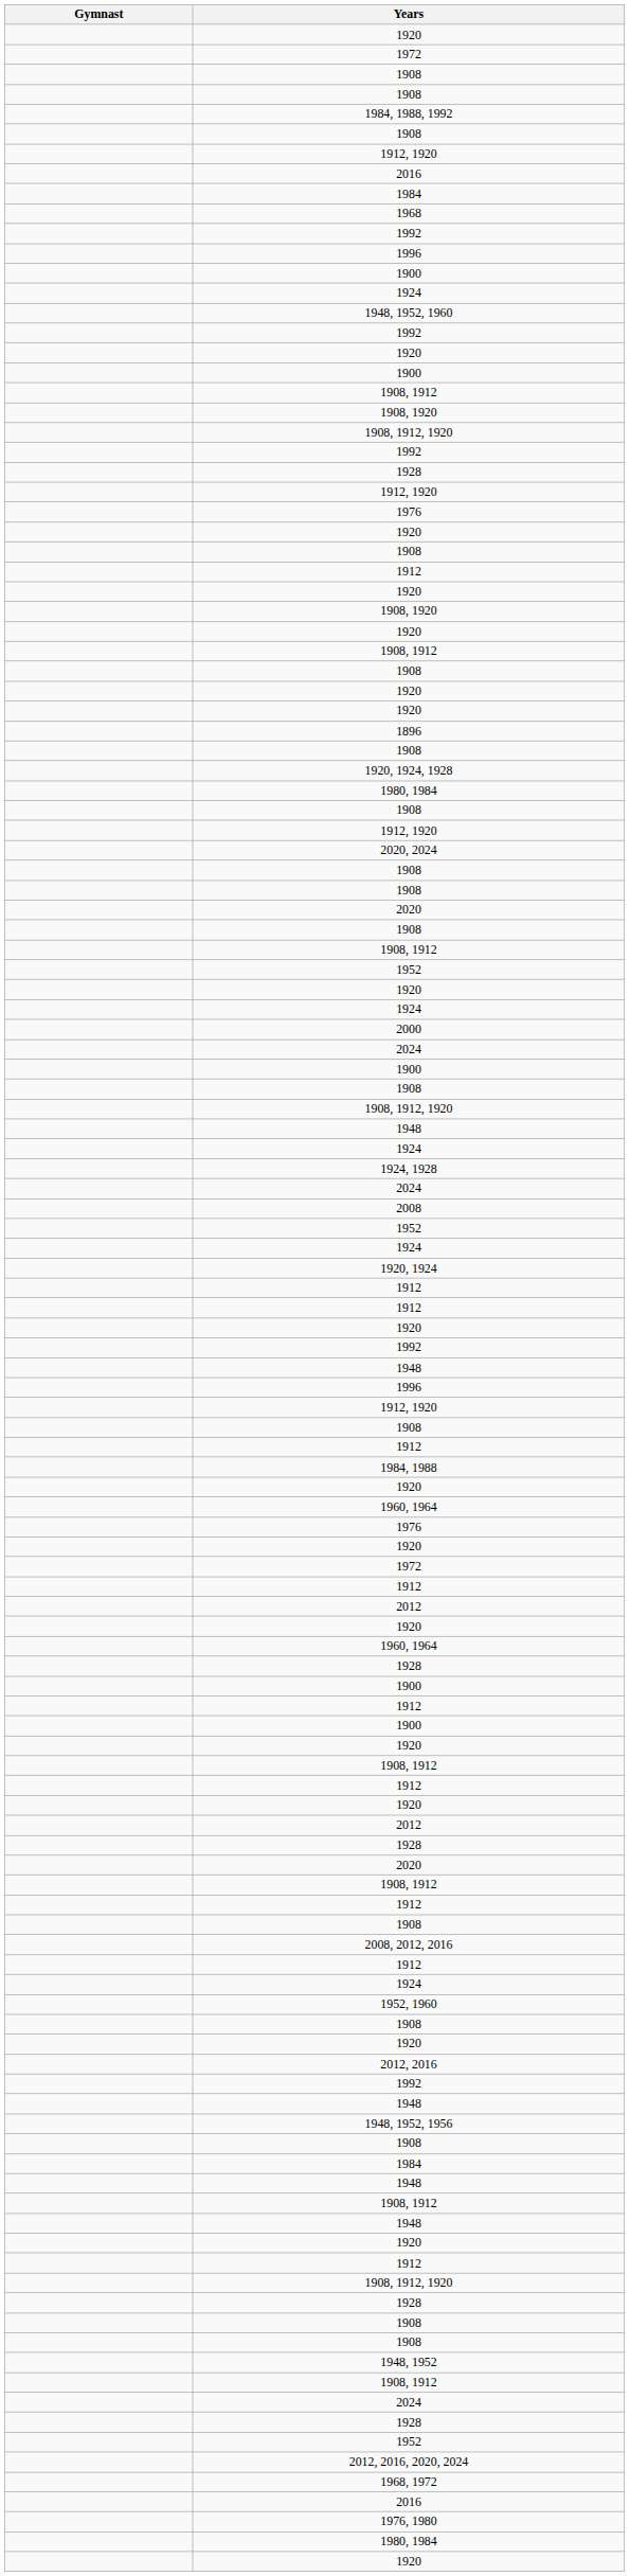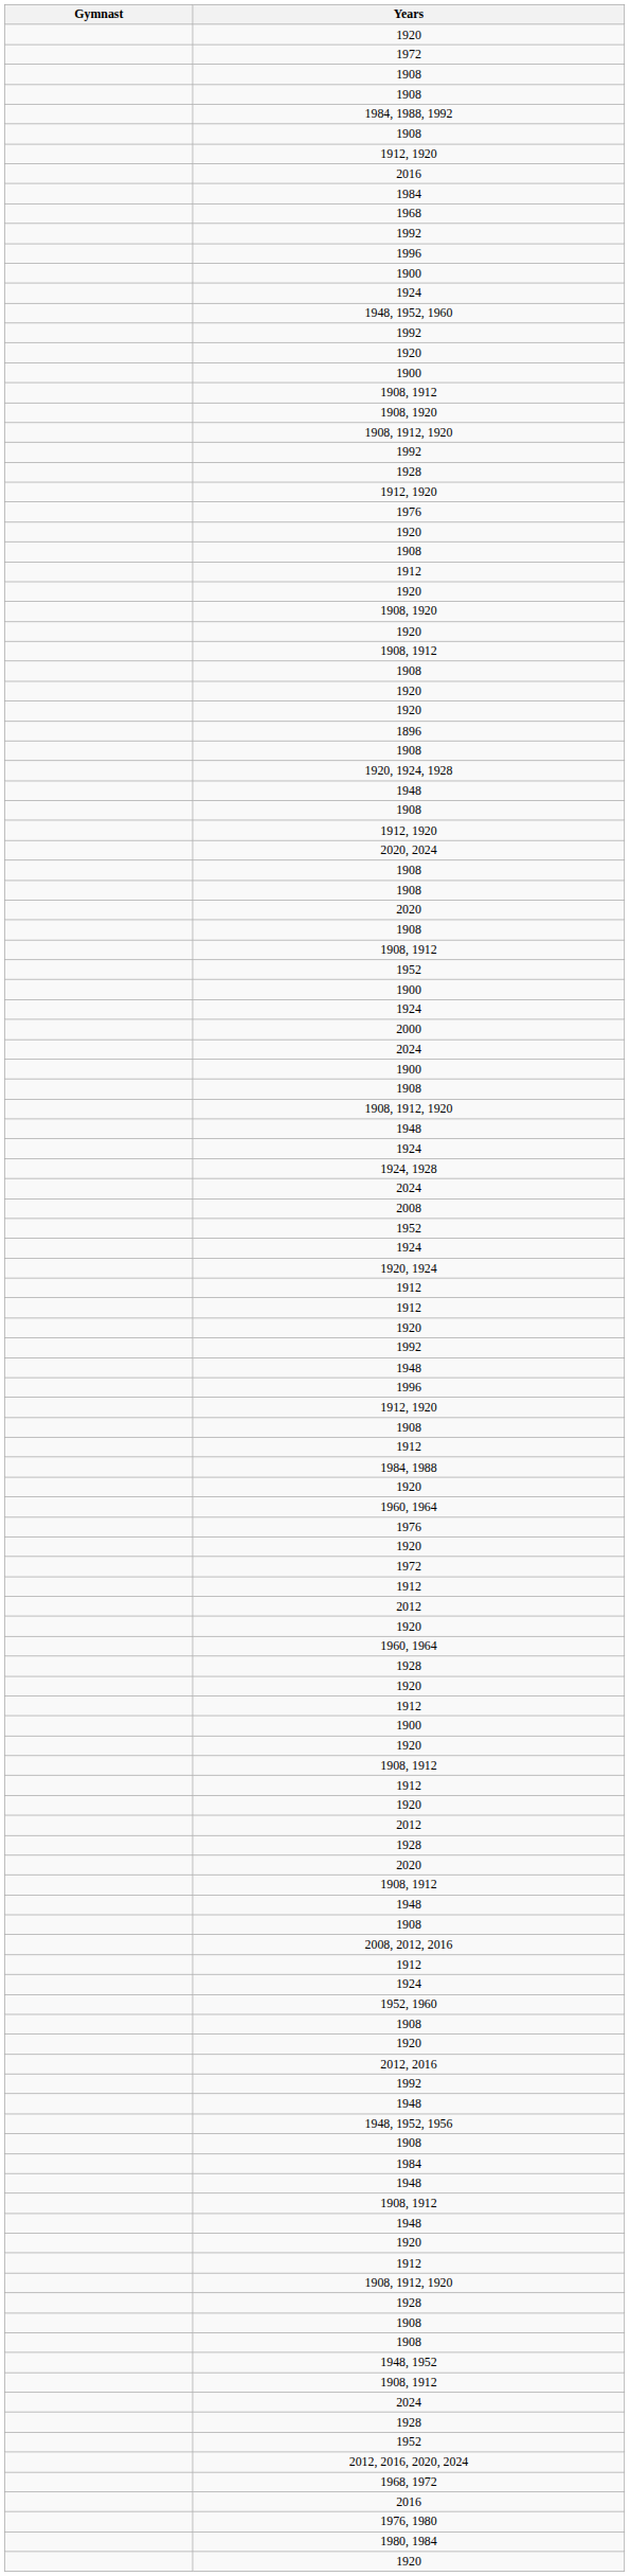 <table class="wikitable sortable" width=50% style="text-align:center;">
 <tr>
 <th>Gymnast</th>
 <th>Years</th>
 </tr>
 <tr>
 <td></td>
 <td>1920</td>
 </tr>
 <tr>
 <td></td>
 <td>1972</td>
 </tr>
 <tr>
 <td></td>
 <td>1908</td>
 </tr>
 <tr>
 <td></td>
 <td>1908</td>
 </tr>
 <tr>
 <td></td>
 <td>1984, 1988, 1992</td>
 </tr>
 <tr>
 <td></td>
 <td>1908</td>
 </tr>
 <tr>
 <td></td>
 <td>1912, 1920</td>
 </tr>
 <tr>
 <td></td>
 <td>2016</td>
 </tr>
 <tr>
 <td></td>
 <td>1984</td>
 </tr>
 <tr>
 <td></td>
 <td>1968</td>
 </tr>
 <tr>
 <td></td>
 <td>1992</td>
 </tr>
 <tr>
 <td></td>
 <td>1996</td>
 </tr>
 <tr>
 <td></td>
 <td>1900</td>
 </tr>
 <tr>
 <td></td>
 <td>1924</td>
 </tr>
 <tr>
 <td></td>
 <td>1948, 1952, 1960</td>
 </tr>
 <tr>
 <td></td>
 <td>1992</td>
 </tr>
 <tr>
 <td></td>
 <td>1920</td>
 </tr>
 <tr>
 <td></td>
 <td>1900</td>
 </tr>
 <tr>
 <td></td>
 <td>1908, 1912</td>
 </tr>
 <tr>
 <td></td>
 <td>1908, 1920</td>
 </tr>
 <tr>
 <td></td>
 <td>1908, 1912, 1920</td>
 </tr>
 <tr>
 <td></td>
 <td>1992</td>
 </tr>
 <tr>
 <td></td>
 <td>1928</td>
 </tr>
 <tr>
 <td></td>
 <td>1912, 1920</td>
 </tr>
 <tr>
 <td></td>
 <td>1976</td>
 </tr>
 <tr>
 <td></td>
 <td>1920</td>
 </tr>
 <tr>
 <td></td>
 <td>1908</td>
 </tr>
 <tr>
 <td></td>
 <td>1912</td>
 </tr>
 <tr>
 <td></td>
 <td>1920</td>
 </tr>
 <tr>
 <td></td>
 <td>1908, 1920</td>
 </tr>
 <tr>
 <td></td>
 <td>1920</td>
 </tr>
 <tr>
 <td></td>
 <td>1908, 1912</td>
 </tr>
 <tr>
 <td></td>
 <td>1908</td>
 </tr>
 <tr>
 <td></td>
 <td>1920</td>
 </tr>
 <tr>
 <td></td>
 <td>1920</td>
 </tr>
 <tr>
 <td></td>
 <td>1896</td>
 </tr>
 <tr>
 <td></td>
 <td>1908</td>
 </tr>
 <tr>
 <td></td>
 <td>1920, 1924, 1928</td>
 </tr>
 <tr>
 <td></td>
-<td>1980, 1984</td>
+<td>1948</td>
 </tr>
 <tr>
 <td></td>
 <td>1908</td>
 </tr>
 <tr>
 <td></td>
 <td>1912, 1920</td>
 </tr>
 <tr>
 <td></td>
 <td>2020, 2024</td>
 </tr>
 <tr>
 <td></td>
 <td>1908</td>
 </tr>
 <tr>
 <td></td>
 <td>1908</td>
 </tr>
 <tr>
 <td></td>
 <td>2020</td>
 </tr>
 <tr>
 <td></td>
 <td>1908</td>
 </tr>
 <tr>
 <td></td>
 <td>1908, 1912</td>
 </tr>
 <tr>
 <td></td>
 <td>1952</td>
 </tr>
 <tr>
 <td></td>
-<td>1920</td>
+<td>1900</td>
 </tr>
 <tr>
 <td></td>
 <td>1924</td>
 </tr>
 <tr>
 <td></td>
 <td>2000</td>
 </tr>
 <tr>
 <td></td>
 <td>2024</td>
 </tr>
 <tr>
 <td></td>
 <td>1900</td>
 </tr>
 <tr>
 <td></td>
 <td>1908</td>
 </tr>
 <tr>
 <td></td>
 <td>1908, 1912, 1920</td>
 </tr>
 <tr>
 <td></td>
 <td>1948</td>
 </tr>
 <tr>
 <td></td>
 <td>1924</td>
 </tr>
 <tr>
 <td></td>
 <td>1924, 1928</td>
 </tr>
 <tr>
 <td></td>
 <td>2024</td>
 </tr>
 <tr>
 <td></td>
 <td>2008</td>
 </tr>
 <tr>
 <td></td>
 <td>1952</td>
 </tr>
 <tr>
 <td></td>
 <td>1924</td>
 </tr>
 <tr>
 <td></td>
 <td>1920, 1924</td>
 </tr>
 <tr>
 <td></td>
 <td>1912</td>
 </tr>
 <tr>
 <td></td>
 <td>1912</td>
 </tr>
 <tr>
 <td></td>
 <td>1920</td>
 </tr>
 <tr>
 <td></td>
 <td>1992</td>
 </tr>
 <tr>
 <td></td>
 <td>1948</td>
 </tr>
 <tr>
 <td></td>
 <td>1996</td>
 </tr>
 <tr>
 <td></td>
 <td>1912, 1920</td>
 </tr>
 <tr>
 <td></td>
 <td>1908</td>
 </tr>
 <tr>
 <td></td>
 <td>1912</td>
 </tr>
 <tr>
 <td></td>
 <td>1984, 1988</td>
 </tr>
 <tr>
 <td></td>
 <td>1920</td>
 </tr>
 <tr>
 <td></td>
 <td>1960, 1964</td>
 </tr>
 <tr>
 <td></td>
 <td>1976</td>
 </tr>
 <tr>
 <td></td>
 <td>1920</td>
 </tr>
 <tr>
 <td></td>
 <td>1972</td>
 </tr>
 <tr>
 <td></td>
 <td>1912</td>
 </tr>
 <tr>
 <td></td>
 <td>2012</td>
 </tr>
 <tr>
 <td></td>
 <td>1920</td>
 </tr>
 <tr>
 <td></td>
 <td>1960, 1964</td>
 </tr>
 <tr>
 <td></td>
 <td>1928</td>
 </tr>
 <tr>
 <td></td>
-<td>1900</td>
+<td>1920</td>
 </tr>
 <tr>
 <td></td>
 <td>1912</td>
 </tr>
 <tr>
 <td></td>
 <td>1900</td>
 </tr>
 <tr>
 <td></td>
 <td>1920</td>
 </tr>
 <tr>
 <td></td>
 <td>1908, 1912</td>
 </tr>
 <tr>
 <td></td>
 <td>1912</td>
 </tr>
 <tr>
 <td></td>
 <td>1920</td>
 </tr>
 <tr>
 <td></td>
 <td>2012</td>
 </tr>
 <tr>
 <td></td>
 <td>1928</td>
 </tr>
 <tr>
 <td></td>
 <td>2020</td>
 </tr>
 <tr>
 <td></td>
 <td>1908, 1912</td>
 </tr>
 <tr>
 <td></td>
-<td>1912</td>
+<td>1948</td>
 </tr>
 <tr>
 <td></td>
 <td>1908</td>
 </tr>
 <tr>
 <td></td>
 <td>2008, 2012, 2016</td>
 </tr>
 <tr>
 <td></td>
 <td>1912</td>
 </tr>
 <tr>
 <td></td>
 <td>1924</td>
 </tr>
 <tr>
 <td></td>
 <td>1952, 1960</td>
 </tr>
 <tr>
 <td></td>
 <td>1908</td>
 </tr>
 <tr>
 <td></td>
 <td>1920</td>
 </tr>
 <tr>
 <td></td>
 <td>2012, 2016</td>
 </tr>
 <tr>
 <td></td>
 <td>1992</td>
 </tr>
 <tr>
 <td></td>
 <td>1948</td>
 </tr>
 <tr>
 <td></td>
 <td>1948, 1952, 1956</td>
 </tr>
 <tr>
 <td></td>
 <td>1908</td>
 </tr>
 <tr>
 <td></td>
 <td>1984</td>
 </tr>
 <tr>
 <td></td>
 <td>1948</td>
 </tr>
 <tr>
 <td></td>
 <td>1908, 1912</td>
 </tr>
 <tr>
 <td></td>
 <td>1948</td>
 </tr>
 <tr>
 <td></td>
 <td>1920</td>
 </tr>
 <tr>
 <td></td>
 <td>1912</td>
 </tr>
 <tr>
 <td></td>
 <td>1908, 1912, 1920</td>
 </tr>
 <tr>
 <td></td>
 <td>1928</td>
 </tr>
 <tr>
 <td></td>
 <td>1908</td>
 </tr>
 <tr>
 <td></td>
 <td>1908</td>
 </tr>
 <tr>
 <td></td>
 <td>1948, 1952</td>
 </tr>
 <tr>
 <td></td>
 <td>1908, 1912</td>
 </tr>
 <tr>
 <td></td>
 <td>2024</td>
 </tr>
 <tr>
 <td></td>
 <td>1928</td>
 </tr>
 <tr>
 <td></td>
 <td>1952</td>
 </tr>
 <tr>
 <td></td>
 <td>2012, 2016, 2020, 2024</td>
 </tr>
 <tr>
 <td></td>
 <td>1968, 1972</td>
 </tr>
 <tr>
 <td></td>
 <td>2016</td>
 </tr>
 <tr>
 <td></td>
 <td>1976, 1980</td>
 </tr>
 <tr>
 <td></td>
 <td>1980, 1984</td>
 </tr>
 <tr>
 <td></td>
 <td>1920</td>
 </tr>
 </table>
